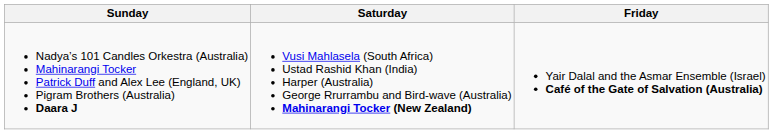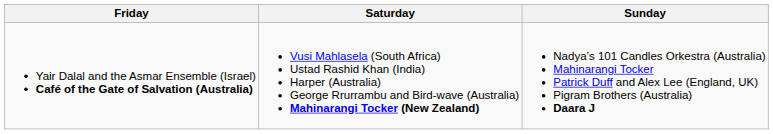 <table class="wikitable">
 <tr>
+<th>Friday</th>
+<th>Saturday</th>
 <th>Sunday</th>
-<th>Saturday</th>
-<th>Friday</th>
 </tr>
 <tr>
+<td><br><ul><li>Yair Dalal and the Asmar Ensemble (Israel)</li><li><strong>Café of the Gate of Salvation (Australia)</strong></li></ul></td>
+<td><br><ul><li><a href='#'>Vusi Mahlasela</a> (South Africa)</li><li>Ustad Rashid Khan (India)</li><li>Harper (Australia)</li><li>George Rrurrambu and Bird-wave (Australia)</li><li><strong><a href='#'>Mahinarangi Tocker</a> (New Zealand)</strong></li></ul></td>
 <td><br><ul><li>Nadya’s 101 Candles Orkestra (Australia)</li><li><a href='#'>Mahinarangi Tocker</a></li><li><a href='#'>Patrick Duff</a> and Alex Lee (England, UK)</li><li>Pigram Brothers (Australia)</li><li><strong>Daara J</strong></li></ul></td>
-<td><br><ul><li><a href='#'>Vusi Mahlasela</a> (South Africa)</li><li>Ustad Rashid Khan (India)</li><li>Harper (Australia)</li><li>George Rrurrambu and Bird-wave (Australia)</li><li><strong><a href='#'>Mahinarangi Tocker</a> (New Zealand)</strong></li></ul></td>
-<td><br><ul><li>Yair Dalal and the Asmar Ensemble (Israel)</li><li><strong>Café of the Gate of Salvation (Australia)</strong></li></ul></td>
 </tr>
 </table>
